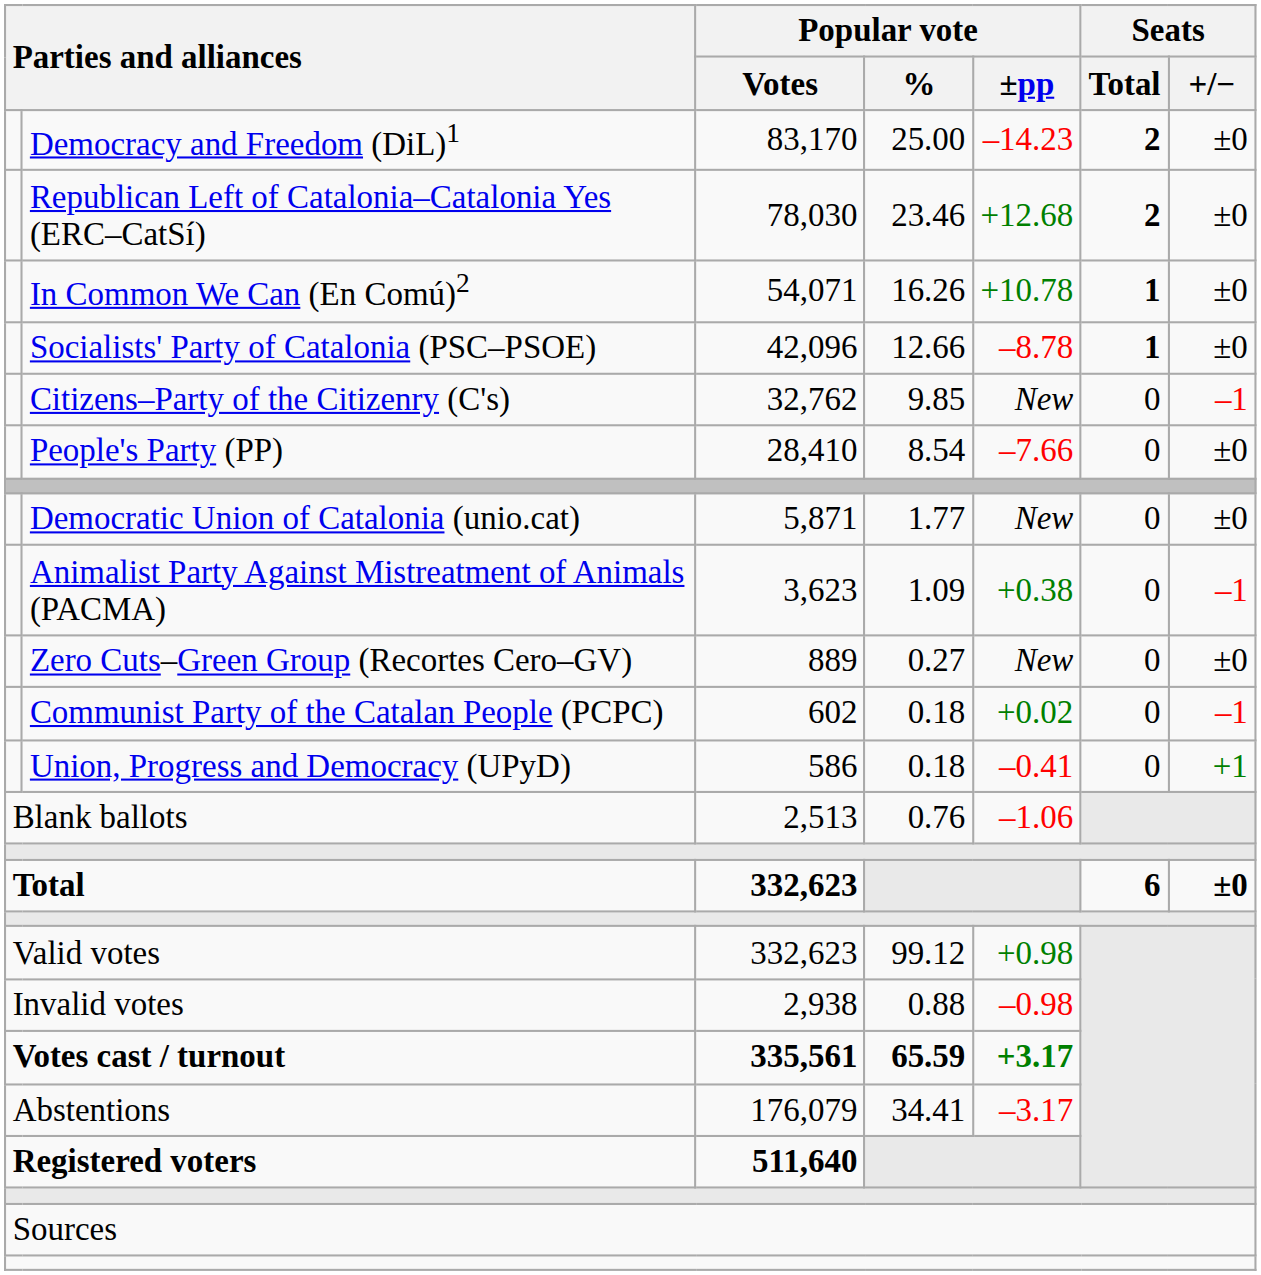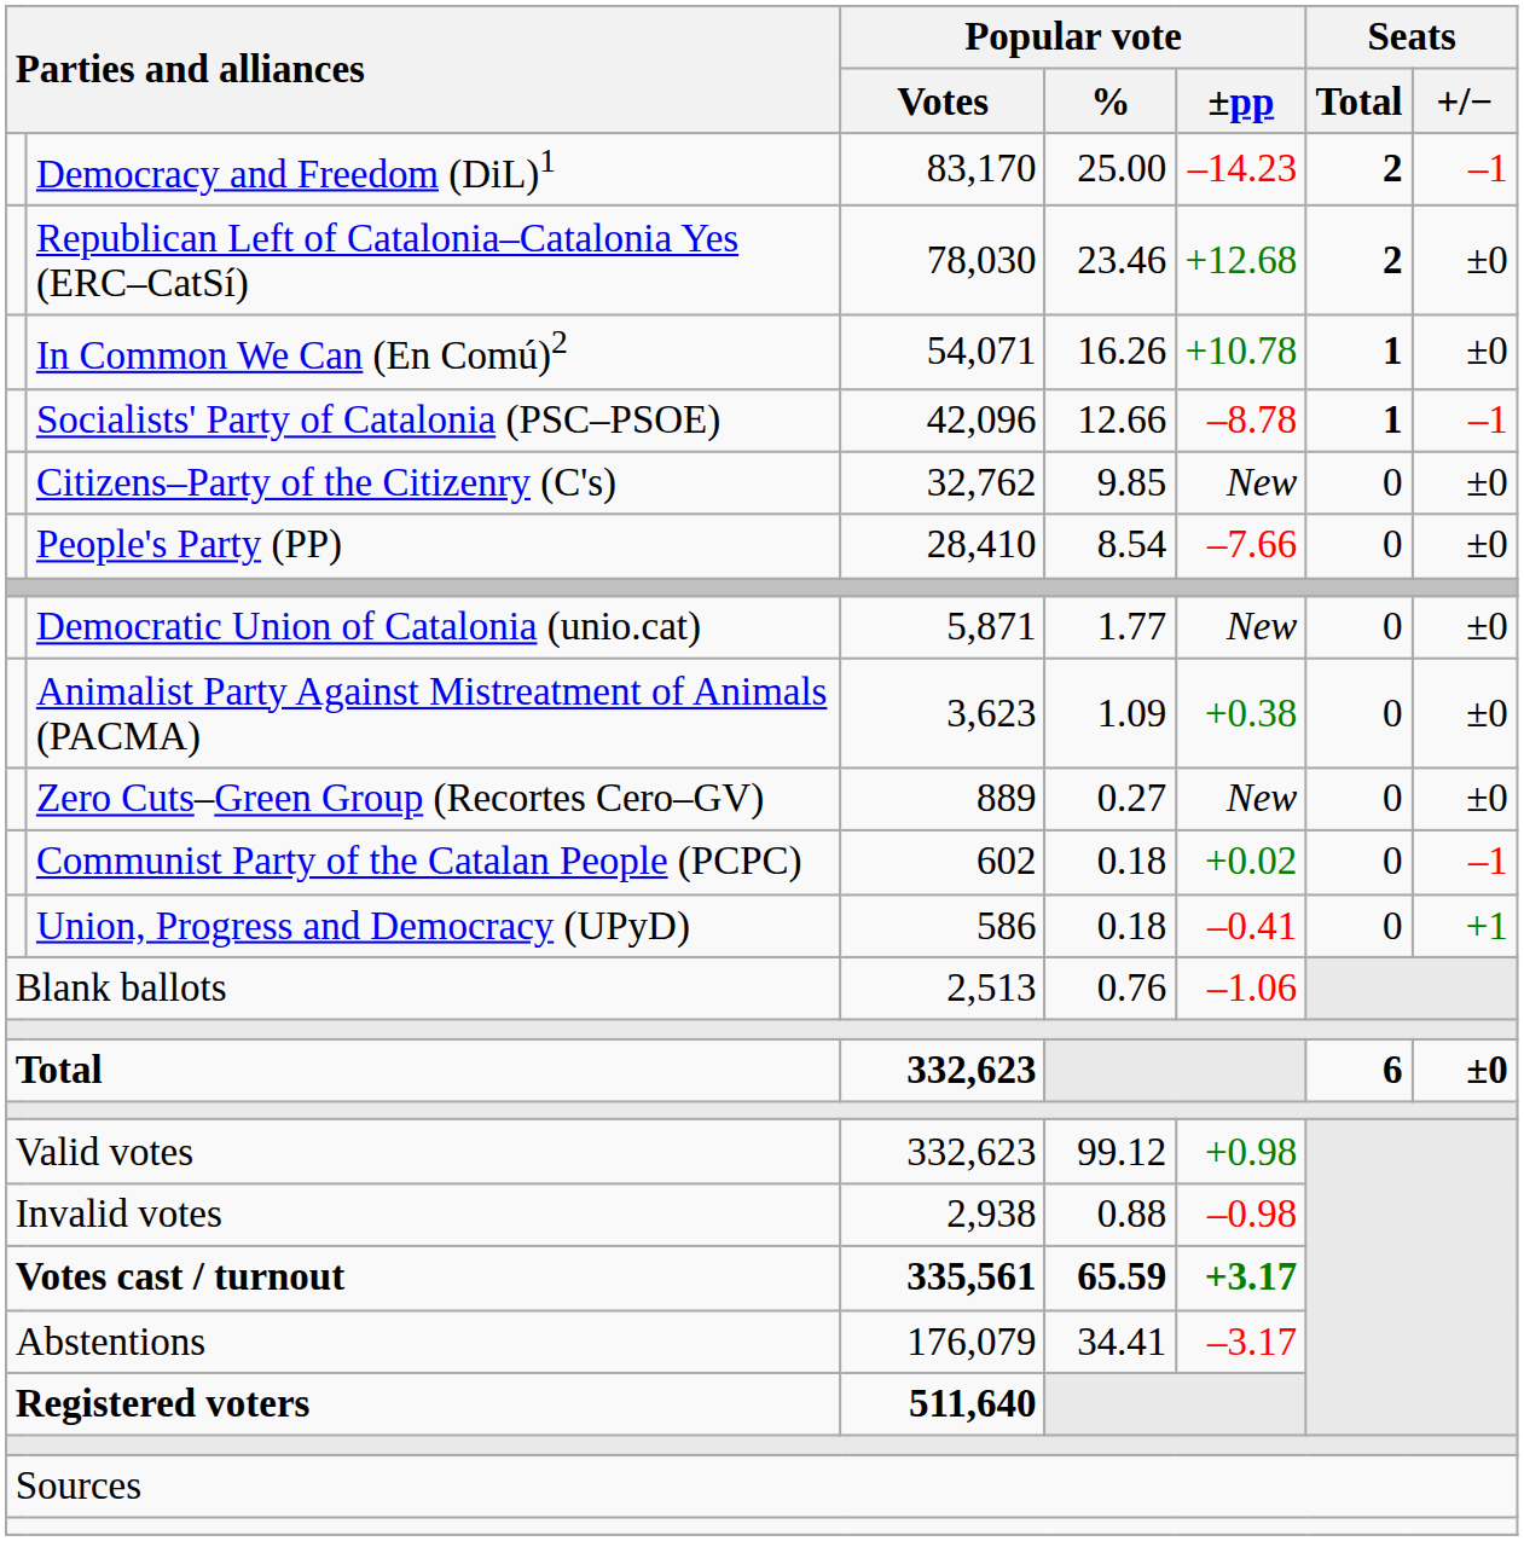 <table class="wikitable" style="text-align:right;">
 <tr>
 <th style="text-align:left;" rowspan="2" colspan="2" width="525">Parties and alliances</th>
 <th colspan="3">Popular vote</th>
 <th colspan="2">Seats</th>
 </tr>
 <tr>
 <th width="75">Votes</th>
 <th width="45">%</th>
 <th width="45">±<a href='#'>pp</a></th>
 <th width="35">Total</th>
 <th width="35">+/−</th>
 </tr>
 <tr>
 <td width="1" style="color:inherit;background:"></td>
 <td align="left"><a href='#'>Democracy and Freedom</a> (DiL)<sup>1</sup></td>
 <td>83,170</td>
 <td>25.00</td>
 <td style="color:red;">–14.23</td>
 <td><strong>2</strong></td>
-<td>±0</td>
+<td style="color:red;">–1</td>
 </tr>
 <tr>
 <td style="color:inherit;background:"></td>
 <td align="left"><a href='#'>Republican Left of Catalonia–Catalonia Yes</a> (ERC–CatSí)</td>
 <td>78,030</td>
 <td>23.46</td>
 <td style="color:green;">+12.68</td>
 <td><strong>2</strong></td>
 <td>±0</td>
 </tr>
 <tr>
 <td style="color:inherit;background:"></td>
 <td align="left"><a href='#'>In Common We Can</a> (En Comú)<sup>2</sup></td>
 <td>54,071</td>
 <td>16.26</td>
 <td style="color:green;">+10.78</td>
 <td><strong>1</strong></td>
 <td>±0</td>
 </tr>
 <tr>
 <td style="color:inherit;background:"></td>
 <td align="left"><a href='#'>Socialists' Party of Catalonia</a> (PSC–PSOE)</td>
 <td>42,096</td>
 <td>12.66</td>
 <td style="color:red;">–8.78</td>
 <td><strong>1</strong></td>
-<td>±0</td>
+<td style="color:red;">–1</td>
 </tr>
 <tr>
 <td style="color:inherit;background:"></td>
 <td align="left"><a href='#'>Citizens–Party of the Citizenry</a> (C's)</td>
 <td>32,762</td>
 <td>9.85</td>
 <td><em>New</em></td>
 <td>0</td>
-<td style="color:red;">–1</td>
+<td>±0</td>
 </tr>
 <tr>
 <td style="color:inherit;background:"></td>
 <td align="left"><a href='#'>People's Party</a> (PP)</td>
 <td>28,410</td>
 <td>8.54</td>
 <td style="color:red;">–7.66</td>
 <td>0</td>
 <td>±0</td>
 </tr>
 <tr>
 <td colspan="7" bgcolor="#C0C0C0"></td>
 </tr>
 <tr>
 <td style="color:inherit;background:"></td>
 <td align="left"><a href='#'>Democratic Union of Catalonia</a> (unio.cat)</td>
 <td>5,871</td>
 <td>1.77</td>
 <td><em>New</em></td>
 <td>0</td>
 <td>±0</td>
 </tr>
 <tr>
 <td style="color:inherit;background:"></td>
 <td align="left"><a href='#'>Animalist Party Against Mistreatment of Animals</a> (PACMA)</td>
 <td>3,623</td>
 <td>1.09</td>
 <td style="color:green;">+0.38</td>
 <td>0</td>
-<td style="color:red;">–1</td>
+<td>±0</td>
 </tr>
 <tr>
 <td style="color:inherit;background:"></td>
 <td align="left"><a href='#'>Zero Cuts</a>–<a href='#'>Green Group</a> (Recortes Cero–GV)</td>
 <td>889</td>
 <td>0.27</td>
 <td><em>New</em></td>
 <td>0</td>
 <td>±0</td>
 </tr>
 <tr>
 <td style="color:inherit;background:"></td>
 <td align="left"><a href='#'>Communist Party of the Catalan People</a> (PCPC)</td>
 <td>602</td>
 <td>0.18</td>
 <td style="color:green;">+0.02</td>
 <td>0</td>
 <td style="color:red;">–1</td>
 </tr>
 <tr>
 <td style="color:inherit;background:"></td>
 <td align="left"><a href='#'>Union, Progress and Democracy</a> (UPyD)</td>
 <td>586</td>
 <td>0.18</td>
 <td style="color:red;">–0.41</td>
 <td>0</td>
 <td style="color:green;">+1</td>
 </tr>
 <tr>
 <td align="left" colspan="2">Blank ballots</td>
 <td>2,513</td>
 <td>0.76</td>
 <td style="color:red;">–1.06</td>
 <td bgcolor="#E9E9E9" colspan="2"></td>
 </tr>
 <tr>
 <td colspan="7" bgcolor="#E9E9E9"></td>
 </tr>
 <tr style="font-weight:bold;">
 <td align="left" colspan="2">Total</td>
 <td>332,623</td>
 <td bgcolor="#E9E9E9" colspan="2"></td>
 <td>6</td>
 <td>±0</td>
 </tr>
 <tr>
 <td colspan="7" bgcolor="#E9E9E9"></td>
 </tr>
 <tr>
 <td align="left" colspan="2">Valid votes</td>
 <td>332,623</td>
 <td>99.12</td>
 <td style="color:green;">+0.98</td>
 <td bgcolor="#E9E9E9" colspan="2" rowspan="5"></td>
 </tr>
 <tr>
 <td align="left" colspan="2">Invalid votes</td>
 <td>2,938</td>
 <td>0.88</td>
 <td style="color:red;">–0.98</td>
 </tr>
 <tr style="font-weight:bold;">
 <td align="left" colspan="2">Votes cast / turnout</td>
 <td>335,561</td>
 <td>65.59</td>
 <td style="color:green;">+3.17</td>
 </tr>
 <tr>
 <td align="left" colspan="2">Abstentions</td>
 <td>176,079</td>
 <td>34.41</td>
 <td style="color:red;">–3.17</td>
 </tr>
 <tr style="font-weight:bold;">
 <td align="left" colspan="2">Registered voters</td>
 <td>511,640</td>
 <td bgcolor="#E9E9E9" colspan="2"></td>
 </tr>
 <tr>
 <td colspan="7" bgcolor="#E9E9E9"></td>
 </tr>
 <tr>
 <td align="left" colspan="7">Sources</td>
 </tr>
 <tr>
 <td colspan="7" style="text-align:left; max-width:790px;"></td>
 </tr>
 </table>
